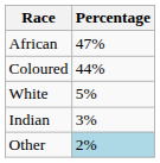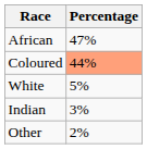 <table class="wikitable">
 <tr>
 <th>Race</th>
 <th>Percentage</th>
 </tr>
 <tr>
 <td>African</td>
 <td>47%</td>
 </tr>
 <tr>
 <td>Coloured</td>
-<td>44%</td>
+<td style="background: lightsalmon;">44%</td>
 </tr>
 <tr>
 <td>White</td>
 <td>5%</td>
 </tr>
 <tr>
 <td>Indian</td>
 <td>3%</td>
 </tr>
 <tr>
 <td>Other</td>
-<td style="background: lightblue;">2%</td>
+<td>2%</td>
 </tr>
 </table>
